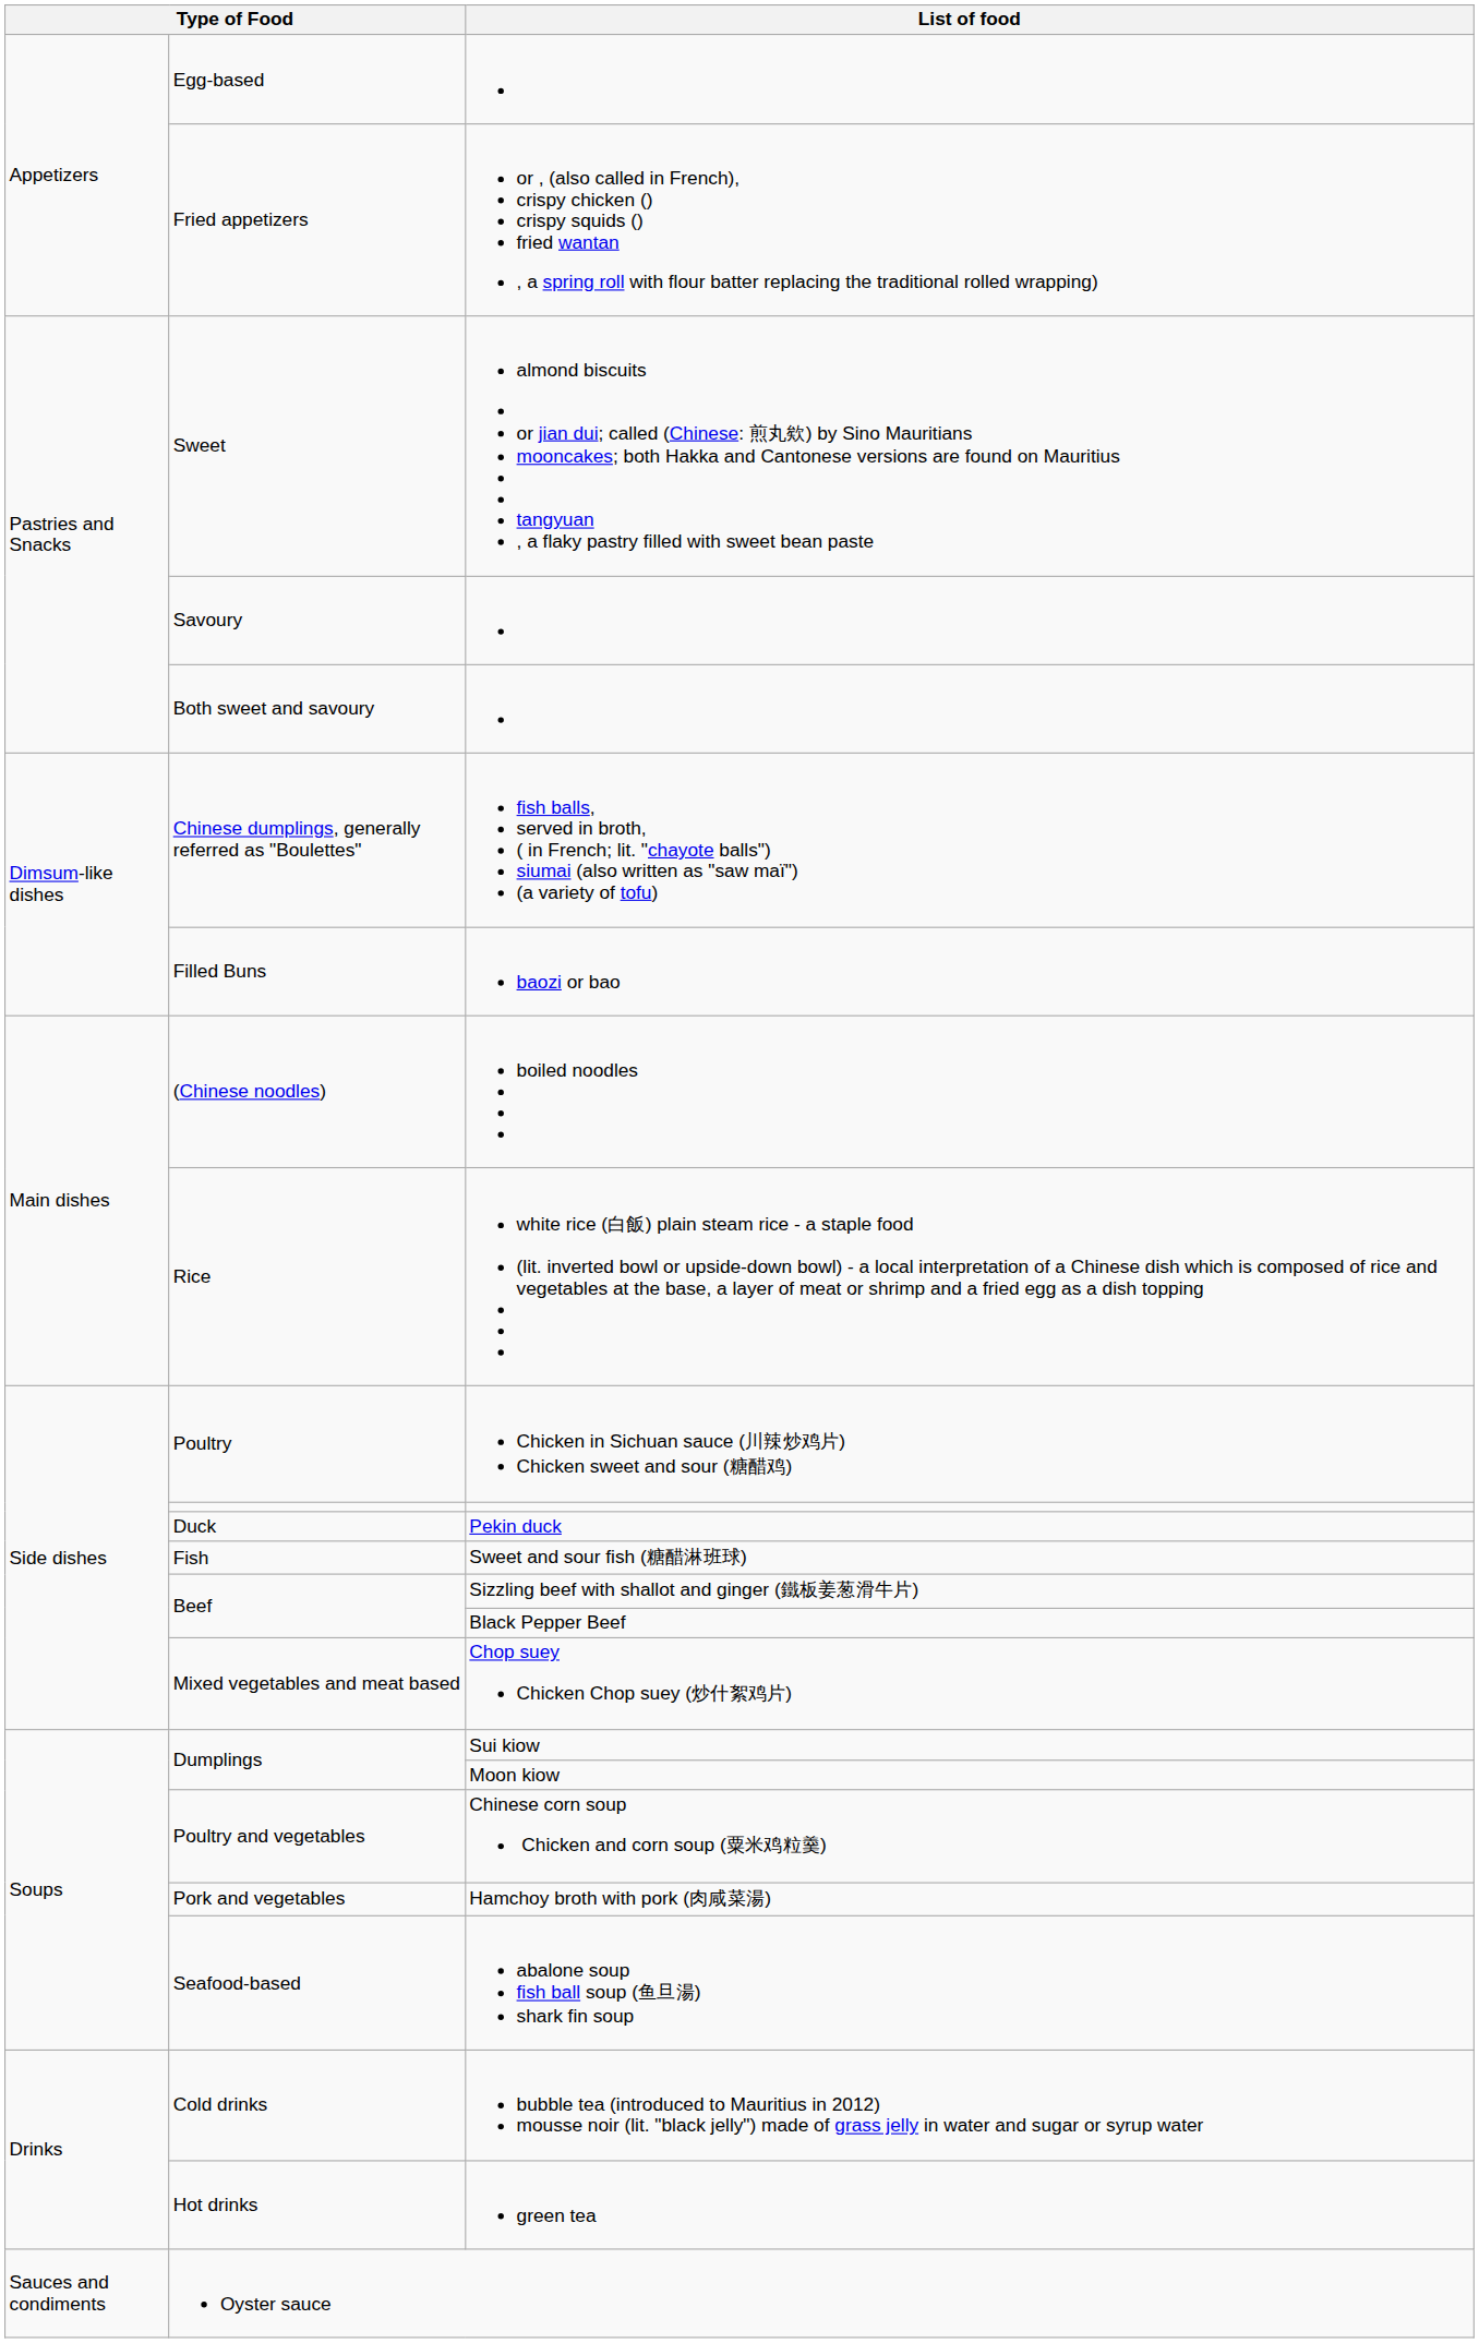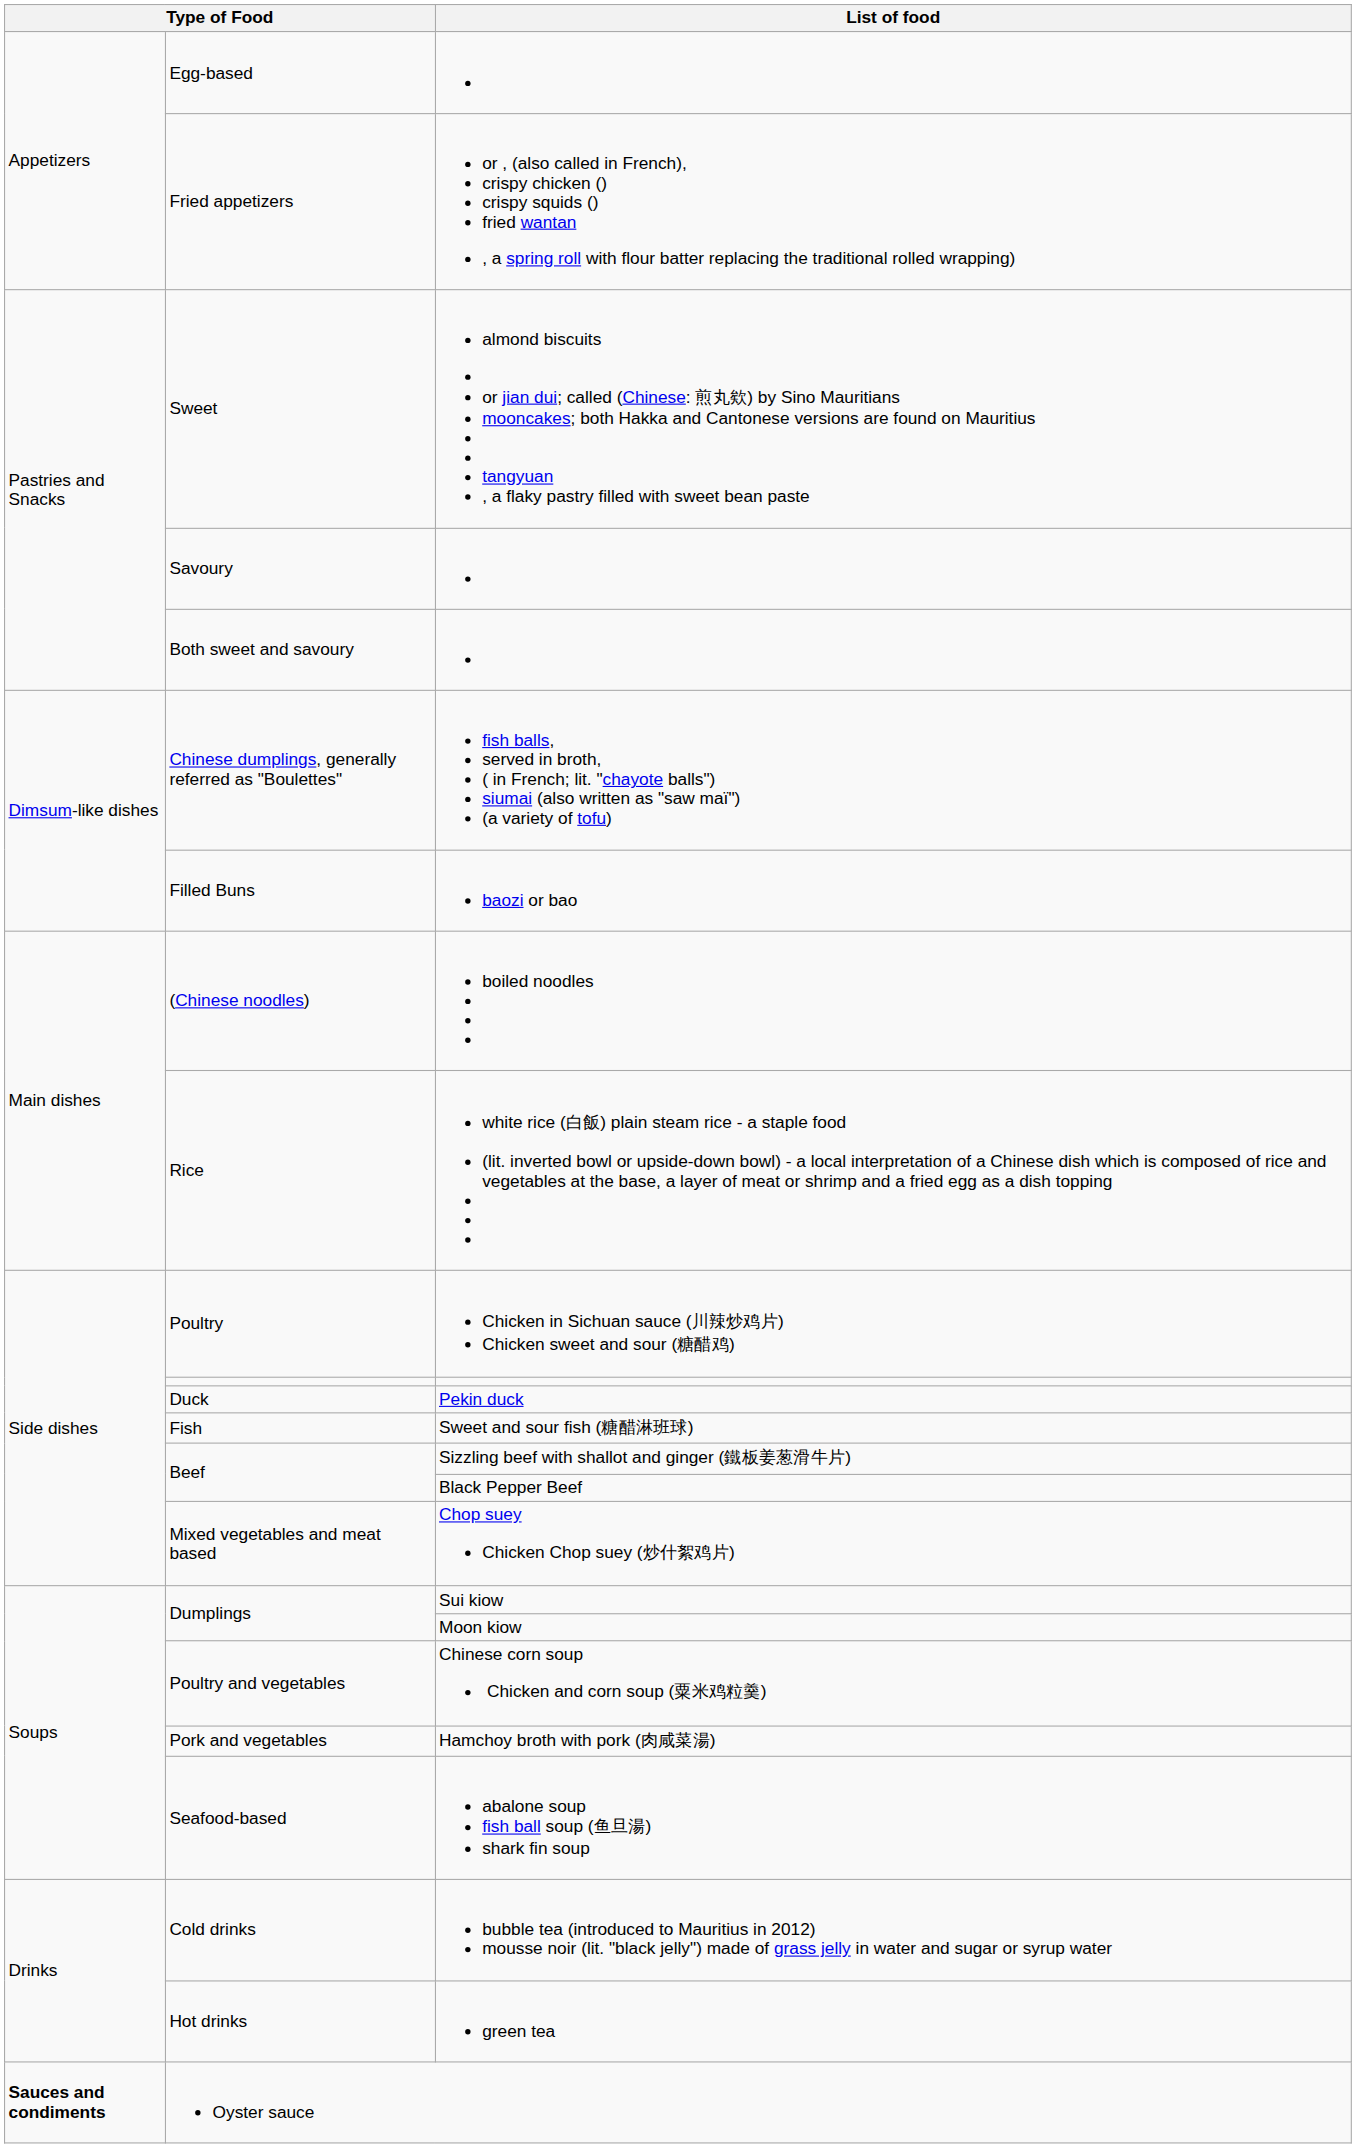 <table class="wikitable">
 <tr>
 <th colspan="2">Type of Food</th>
 <th>List of food</th>
 </tr>
 <tr>
 <td rowspan="2">Appetizers</td>
 <td>Egg-based</td>
 <td><br><ul><li></li></ul></td>
 </tr>
 <tr>
 <td>Fried appetizers</td>
 <td><br><ul><li> or , (also called  in French),</li><li>crispy chicken ()</li><li>crispy squids ()</li><li>fried <a href='#'>wantan</a></li></ul><ul><li>, a <a href='#'>spring roll</a> with flour batter replacing the traditional rolled wrapping)</li></ul></td>
 </tr>
 <tr>
 <td rowspan="3">Pastries and Snacks</td>
 <td>Sweet</td>
 <td><br><ul><li>almond biscuits</li></ul><ul><li></li><li> or <a href='#'>jian dui</a>; called   (<a href='#'>Chinese</a>: 煎丸欸) by Sino Mauritians</li><li><a href='#'>mooncakes</a>; both Hakka and Cantonese versions are found on Mauritius</li><li></li><li></li><li><a href='#'>tangyuan</a></li><li>, a flaky pastry filled with sweet bean paste</li></ul></td>
 </tr>
 <tr>
 <td>Savoury</td>
 <td><br><ul><li></li></ul></td>
 </tr>
 <tr>
 <td>Both sweet and savoury</td>
 <td><br><ul><li></li></ul></td>
 </tr>
 <tr>
 <td rowspan="2"><a href='#'>Dimsum</a>-like dishes</td>
 <td><a href='#'>Chinese dumplings</a>, generally referred as "Boulettes"</td>
 <td><br><ul><li><a href='#'>fish balls</a>,</li><li> served in broth,</li><li> ( in French; lit. "<a href='#'>chayote</a> balls")</li><li><a href='#'>siumai</a> (also written as "saw maï")</li><li> (a variety of <a href='#'>tofu</a>)</li></ul></td>
 </tr>
 <tr>
 <td>Filled Buns</td>
 <td><br><ul><li><a href='#'>baozi</a> or bao</li></ul></td>
 </tr>
 <tr>
 <td rowspan="2">Main dishes</td>
 <td> (<a href='#'>Chinese noodles</a>)</td>
 <td><br><ul><li>boiled noodles</li><li></li><li></li><li></li></ul></td>
 </tr>
 <tr>
 <td>Rice</td>
 <td><br><ul><li>white rice (白飯) plain steam rice - a staple food</li></ul><ul><li> (lit. inverted bowl or upside-down bowl) - a local interpretation of a Chinese dish which is composed of rice and vegetables at the base, a layer of meat or shrimp and a fried egg as a dish topping</li><li></li><li></li><li></li></ul></td>
 </tr>
 <tr>
 <td rowspan="7">Side dishes</td>
 <td rowspan="1">Poultry</td>
 <td><br><ul><li>Chicken in Sichuan sauce (川辣炒鸡片)</li><li>Chicken sweet and sour (糖醋鸡)</li></ul></td>
 </tr>
 <tr>
 <td></td>
 </tr>
 <tr>
 <td>Duck</td>
 <td><a href='#'>Pekin duck</a></td>
 </tr>
 <tr>
 <td>Fish</td>
 <td>Sweet and sour fish (糖醋淋班球)</td>
 </tr>
 <tr>
 <td rowspan="2">Beef</td>
 <td>Sizzling beef with shallot and ginger (鐵板姜葱滑牛片)</td>
 </tr>
 <tr>
 <td>Black Pepper Beef</td>
 </tr>
 <tr>
 <td>Mixed vegetables and meat based</td>
 <td><a href='#'>Chop suey</a><br><ul><li>Chicken Chop suey (炒什絮鸡片)</li></ul></td>
 </tr>
 <tr>
 <td rowspan="5">Soups</td>
 <td rowspan="2">Dumplings</td>
 <td>Sui kiow</td>
 </tr>
 <tr>
 <td>Moon kiow</td>
 </tr>
 <tr>
 <td>Poultry and vegetables</td>
 <td>Chinese corn soup<br><ul><li> Chicken and corn soup (粟米鸡粒羹)</li></ul></td>
 </tr>
 <tr>
 <td>Pork and vegetables</td>
 <td>Hamchoy broth with pork (肉咸菜湯)</td>
 </tr>
 <tr>
 <td>Seafood-based</td>
 <td><br><ul><li>abalone soup</li><li><a href='#'>fish ball</a> soup (鱼旦湯)</li><li>shark fin soup</li></ul></td>
 </tr>
 <tr>
 <td rowspan="2">Drinks</td>
 <td>Cold drinks</td>
 <td><br><ul><li>bubble tea (introduced to Mauritius in 2012)</li><li>mousse noir (lit. "black jelly") made of <a href='#'>grass jelly</a> in water and sugar or syrup water</li></ul></td>
 </tr>
 <tr>
 <td>Hot drinks</td>
 <td><br><ul><li>green tea</li></ul></td>
 </tr>
 <tr>
-<td>Sauces and condiments</td>
+<td><strong>Sauces and condiments</strong></td>
 <td colspan="2"><br><ul><li>Oyster sauce</li></ul></td>
 </tr>
 </table>
